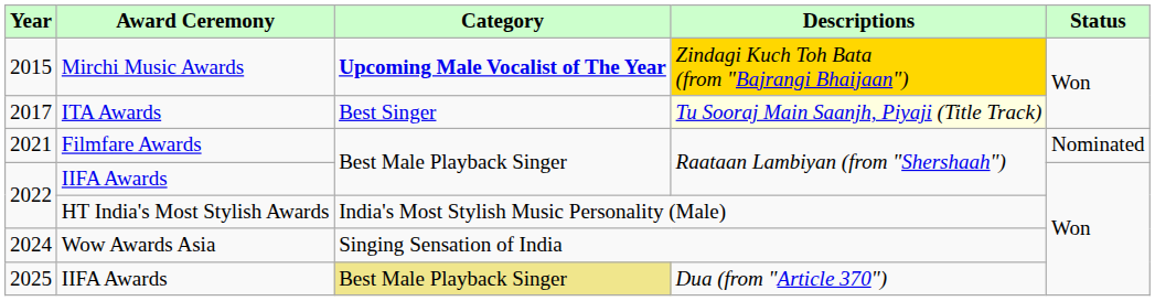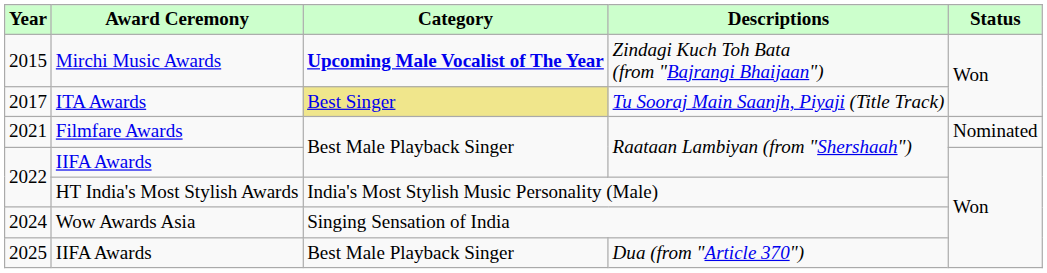 <table class="wikitable">
 <tr style="background:#cfc; text-align:center;">
 <td><strong>Year</strong></td>
 <td><strong>Award Ceremony</strong></td>
 <td><strong>Category</strong></td>
 <td><strong>Descriptions</strong></td>
 <td><strong>Status</strong></td>
 </tr>
 <tr>
 <td>2015</td>
 <td><a href='#'>Mirchi Music Awards</a></td>
 <td><strong><a href='#'>Upcoming Male Vocalist of The Year</a></strong></td>
-<td style="background: gold;"><em>Zindagi Kuch Toh Bata</em><br><em>(from "<a href='#'>Bajrangi Bhaijaan</a>")</em></td>
+<td><em>Zindagi Kuch Toh Bata</em><br><em>(from "<a href='#'>Bajrangi Bhaijaan</a>")</em></td>
 <td rowspan="2">Won</td>
 </tr>
 <tr>
 <td>2017</td>
 <td><a href='#'>ITA Awards</a></td>
-<td><a href='#'>Best Singer</a></td>
-<td style="background: lightyellow;"><em><a href='#'>Tu Sooraj Main Saanjh, Piyaji</a> (Title Track)</em></td>
+<td style="background: khaki;"><a href='#'>Best Singer</a></td>
+<td><em><a href='#'>Tu Sooraj Main Saanjh, Piyaji</a> (Title Track)</em></td>
 </tr>
 <tr>
 <td>2021</td>
 <td><a href='#'>Filmfare Awards</a></td>
 <td rowspan="2">Best Male Playback Singer</td>
 <td rowspan="2"><em>Raataan Lambiyan (from "<a href='#'>Shershaah</a>")</em></td>
 <td>Nominated</td>
 </tr>
 <tr>
 <td rowspan="2">2022</td>
 <td><a href='#'>IIFA Awards</a></td>
 <td rowspan="4">Won</td>
 </tr>
 <tr>
 <td>HT India's Most Stylish Awards</td>
 <td colspan="2">India's Most Stylish Music Personality (Male)</td>
 </tr>
 <tr>
 <td>2024</td>
 <td>Wow Awards Asia</td>
 <td colspan="2">Singing Sensation of India</td>
 </tr>
 <tr>
 <td>2025</td>
 <td>IIFA Awards</td>
-<td style="background: khaki;">Best Male Playback Singer</td>
+<td>Best Male Playback Singer</td>
 <td><em>Dua (from "<a href='#'>Article 370</a>")</em></td>
 </tr>
 </table>
